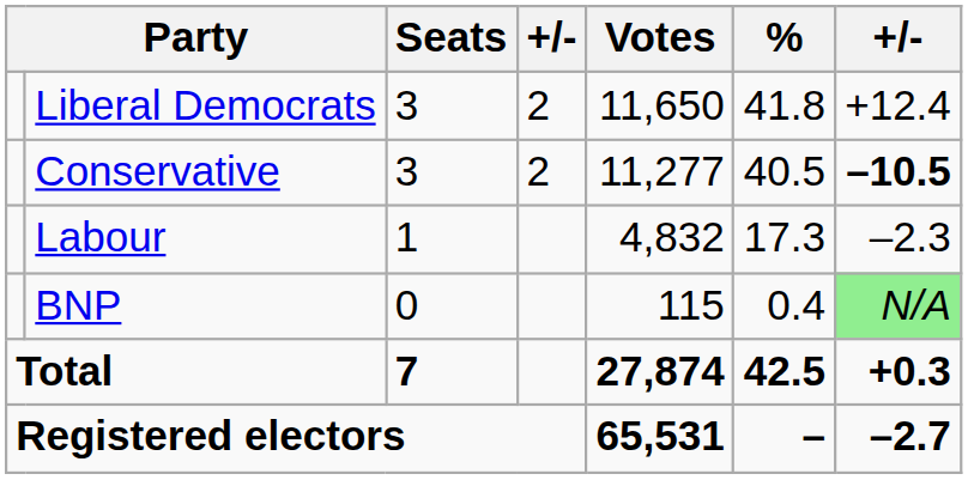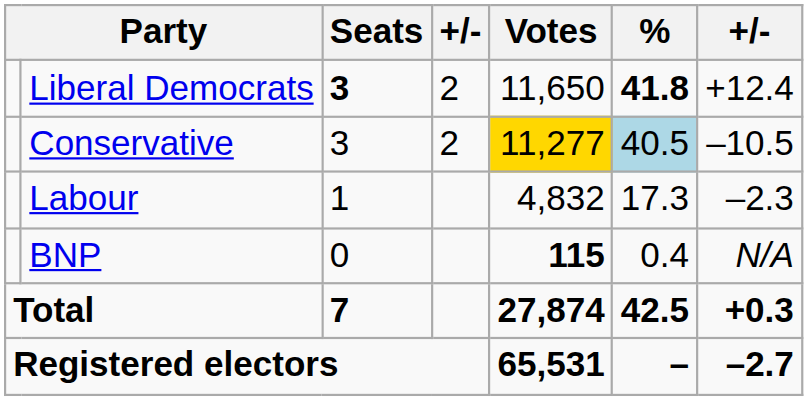 <table class="wikitable sortable">
 <tr>
 <th colspan="2">Party</th>
 <th>Seats</th>
 <th>+/-</th>
 <th>Votes</th>
 <th>%</th>
 <th>+/-</th>
 </tr>
 <tr>
 <td style="background-color: "></td>
 <td><a href='#'>Liberal Democrats</a></td>
-<td>3</td>
+<td><strong>3</strong></td>
 <td> 2</td>
 <td style="text-align:right;">11,650</td>
-<td style="text-align:right;">41.8</td>
+<td style="text-align:right;"><strong>41.8</strong></td>
 <td style="text-align:right;">+12.4</td>
 </tr>
 <tr>
 <td style="background-color: "></td>
 <td><a href='#'>Conservative</a></td>
 <td>3</td>
 <td> 2</td>
-<td style="text-align:right;">11,277</td>
-<td style="text-align:right;">40.5</td>
-<td style="text-align:right;"><strong>–10.5</strong></td>
+<td style="background: gold; text-align:right;">11,277</td>
+<td style="background: lightblue; text-align:right;">40.5</td>
+<td style="text-align:right;">–10.5</td>
 </tr>
 <tr>
 <td style="background-color: "></td>
 <td><a href='#'>Labour</a></td>
 <td>1</td>
 <td></td>
 <td style="text-align:right;">4,832</td>
 <td style="text-align:right;">17.3</td>
 <td style="text-align:right;">–2.3</td>
 </tr>
 <tr>
 <td style="background-color: "></td>
 <td><a href='#'>BNP</a></td>
 <td>0</td>
 <td></td>
-<td style="text-align:right;">115</td>
+<td style="text-align:right;"><strong>115</strong></td>
 <td style="text-align:right;">0.4</td>
-<td style="background: lightgreen; text-align:right;"><em>N/A</em></td>
+<td style="text-align:right;"><em>N/A</em></td>
 </tr>
 <tr>
 <td colspan="2"><strong>Total</strong></td>
 <td><strong>7</strong></td>
 <td></td>
 <td style="text-align:right;"><strong>27,874</strong></td>
 <td style="text-align:right;"><strong>42.5</strong></td>
 <td style="text-align:right;"><strong>+0.3</strong></td>
 </tr>
 <tr>
 <td colspan="4"><strong>Registered electors</strong></td>
 <td style="text-align:right;"><strong>65,531</strong></td>
 <td style="text-align:right;"><strong>–</strong></td>
 <td style="text-align:right;"><strong>–2.7</strong></td>
 </tr>
 </table>
